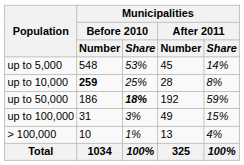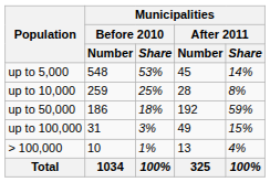 <table class="wikitable" style="float:right">
 <tr>
 <th rowspan=3>Population</th>
 <th colspan=4>Municipalities</th>
 </tr>
 <tr>
 <th colspan=2>Before 2010</th>
 <th colspan=2>After 2011</th>
 </tr>
 <tr>
 <th>Number</th>
 <th><em>Share</em></th>
 <th>Number</th>
 <th><em>Share</em></th>
 </tr>
 <tr>
 <td>up to 5,000</td>
 <td>548</td>
 <td><em>53%</em></td>
 <td>45</td>
 <td><em>14%</em></td>
 </tr>
 <tr>
 <td>up to 10,000</td>
-<td><strong>259</strong></td>
+<td>259</td>
 <td><em>25%</em></td>
 <td>28</td>
 <td><em>8%</em></td>
 </tr>
 <tr>
 <td>up to 50,000</td>
 <td>186</td>
-<td><strong><em>18%</em></strong></td>
+<td><em>18%</em></td>
 <td>192</td>
 <td><em>59%</em></td>
 </tr>
 <tr>
 <td>up to 100,000</td>
 <td>31</td>
 <td><em>3%</em></td>
 <td>49</td>
 <td><em>15%</em></td>
 </tr>
 <tr>
 <td>> 100,000</td>
 <td>10</td>
 <td><em>1%</em></td>
 <td>13</td>
 <td><em>4%</em></td>
 </tr>
 <tr>
 <th>Total</th>
 <th>1034</th>
 <th><em>100%</em></th>
 <th>325</th>
 <th><em>100%</em></th>
 </tr>
 </table>
